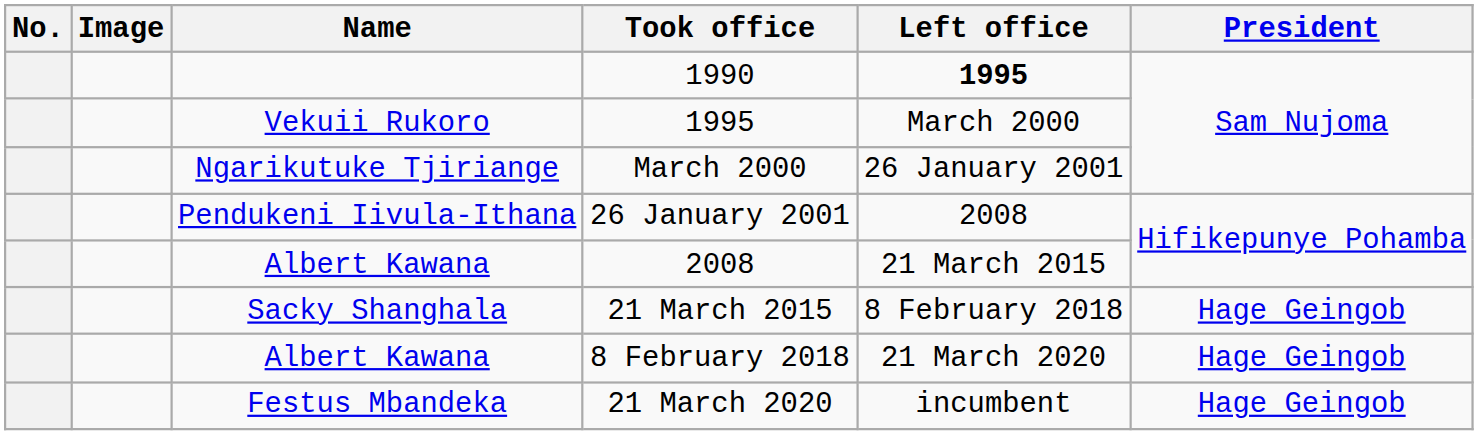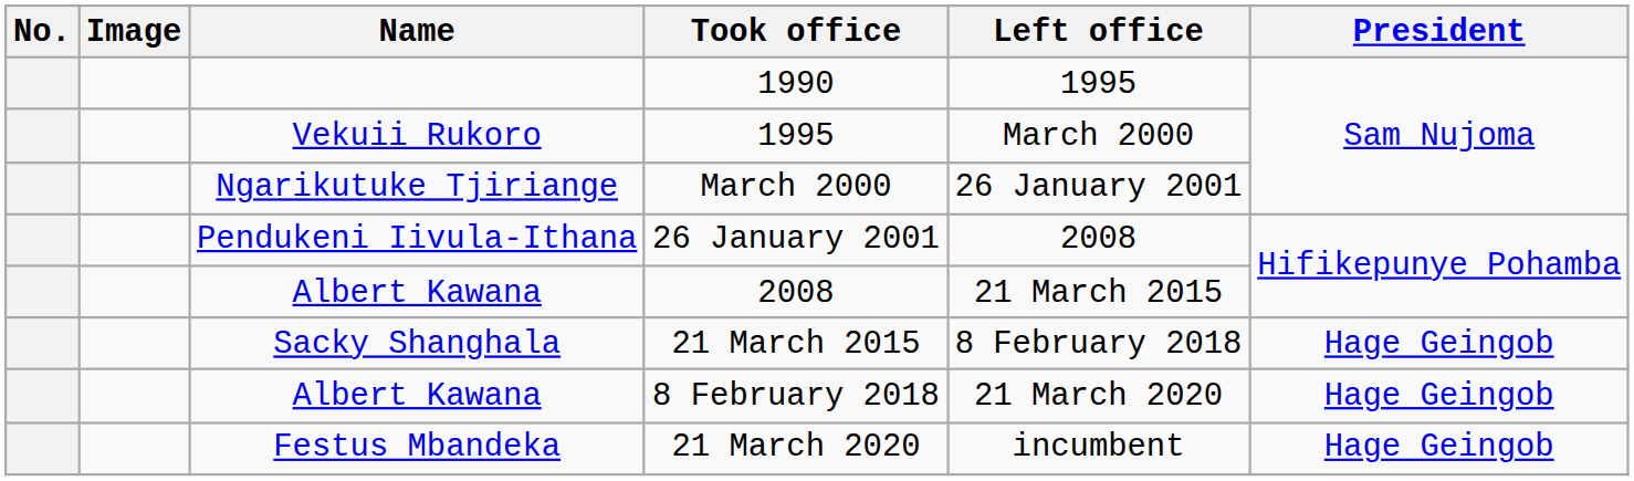 <table class="wikitable" style="clear:right; text-align:center">
 <tr>
 <th>No.</th>
 <th>Image</th>
 <th>Name</th>
 <th>Took office</th>
 <th>Left office</th>
 <th colspan="2"><a href='#'>President</a></th>
 </tr>
 <tr>
 <th style="background: "></th>
 <td></td>
 <td></td>
 <td>1990</td>
-<td><strong>1995</strong></td>
+<td>1995</td>
 <td rowspan="4"><a href='#'>Sam Nujoma</a></td>
 </tr>
 <tr>
 <th style="background: "></th>
 <td></td>
 <td><a href='#'>Vekuii Rukoro</a></td>
 <td>1995</td>
 <td>March 2000</td>
 </tr>
 <tr>
 <th style="background: "></th>
 <td></td>
 <td><a href='#'>Ngarikutuke Tjiriange</a></td>
 <td>March 2000</td>
 <td>26 January 2001</td>
 </tr>
 <tr>
 <th rowspan="2" style="background: "></th>
 <td rowspan="2"></td>
 <td rowspan="2"><a href='#'>Pendukeni Iivula-Ithana</a></td>
 <td rowspan="2">26 January 2001</td>
 <td rowspan="2">2008</td>
 </tr>
 <tr>
 <td rowspan="2"><a href='#'>Hifikepunye Pohamba</a></td>
 </tr>
 <tr>
 <th style="background: "></th>
 <td></td>
 <td><a href='#'>Albert Kawana</a></td>
 <td>2008</td>
 <td>21 March 2015</td>
 </tr>
 <tr>
 <th style="background: "></th>
 <td></td>
 <td><a href='#'>Sacky Shanghala</a></td>
 <td>21 March 2015</td>
 <td>8 February 2018</td>
 <td><a href='#'>Hage Geingob</a></td>
 </tr>
 <tr>
 <th style="background: "></th>
 <td></td>
 <td><a href='#'>Albert Kawana</a></td>
 <td>8 February 2018</td>
 <td>21 March 2020</td>
 <td><a href='#'>Hage Geingob</a></td>
 </tr>
 <tr>
 <th style="background: "></th>
 <td></td>
 <td><a href='#'>Festus Mbandeka</a></td>
 <td>21 March 2020</td>
 <td>incumbent</td>
 <td><a href='#'>Hage Geingob</a></td>
 </tr>
 </table>
